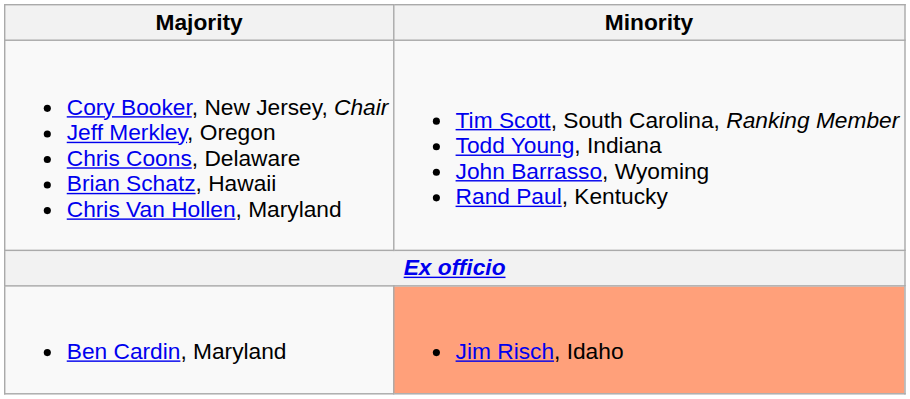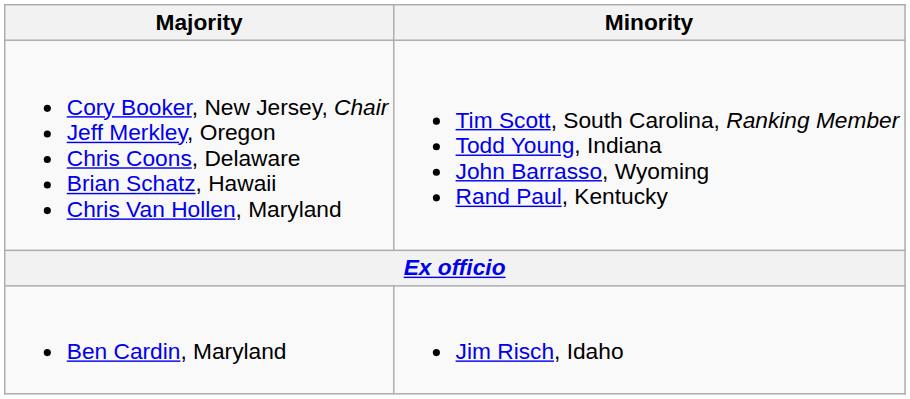 <table class=wikitable>
 <tr>
 <th>Majority</th>
 <th>Minority</th>
 </tr>
 <tr>
 <td><br><ul><li><a href='#'>Cory Booker</a>, New Jersey, <em>Chair</em></li><li><a href='#'>Jeff Merkley</a>, Oregon</li><li><a href='#'>Chris Coons</a>, Delaware</li><li><a href='#'>Brian Schatz</a>, Hawaii</li><li><a href='#'>Chris Van Hollen</a>, Maryland</li></ul></td>
 <td><br><ul><li><a href='#'>Tim Scott</a>, South Carolina, <em>Ranking Member</em></li><li><a href='#'>Todd Young</a>, Indiana</li><li><a href='#'>John Barrasso</a>, Wyoming</li><li><a href='#'>Rand Paul</a>, Kentucky</li></ul></td>
 </tr>
 <tr>
 <th colspan=2><em><a href='#'>Ex officio</a></em></th>
 </tr>
 <tr>
 <td><br><ul><li><a href='#'>Ben Cardin</a>, Maryland</li></ul></td>
-<td style="background: lightsalmon;"><br><ul><li><a href='#'>Jim Risch</a>, Idaho</li></ul></td>
+<td><br><ul><li><a href='#'>Jim Risch</a>, Idaho</li></ul></td>
 </tr>
 </table>
